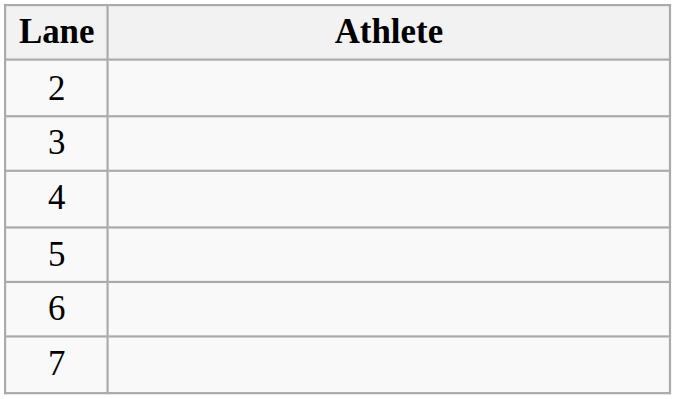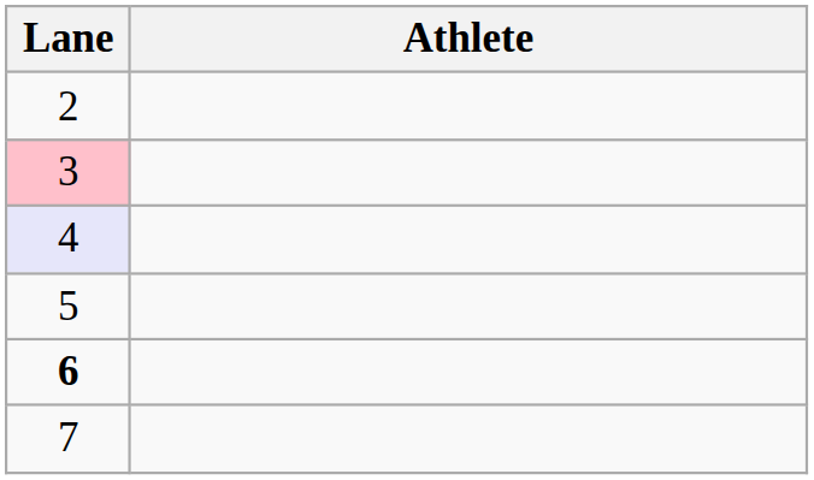 <table class="wikitable sortable" style="text-align:center">
 <tr>
 <th width=40>Lane</th>
 <th width=250>Athlete</th>
 </tr>
 <tr>
 <td>2</td>
 <td align=left></td>
 </tr>
 <tr>
-<td>3</td>
+<td style="background: pink;">3</td>
 <td align=left></td>
 </tr>
 <tr>
-<td>4</td>
+<td style="background: lavender;">4</td>
 <td align=left></td>
 </tr>
 <tr>
 <td>5</td>
 <td align=left></td>
 </tr>
 <tr>
-<td>6</td>
+<td><strong>6</strong></td>
 <td align=left></td>
 </tr>
 <tr>
 <td>7</td>
 <td align=left></td>
 </tr>
 </table>
